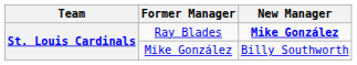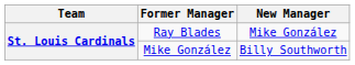 <table class="wikitable plainrowheaders" style="text-align:center;">
 <tr>
 <th>Team</th>
 <th>Former Manager</th>
 <th>New Manager</th>
 </tr>
 <tr>
 <th rowspan="2" scope="row" style="text-align:center;"><a href='#'>St. Louis Cardinals</a></th>
 <td><a href='#'>Ray Blades</a></td>
-<td><strong><a href='#'>Mike González</a></strong></td>
+<td><a href='#'>Mike González</a></td>
 </tr>
 <tr>
 <td><a href='#'>Mike González</a></td>
 <td><a href='#'>Billy Southworth</a></td>
 </tr>
 </table>
